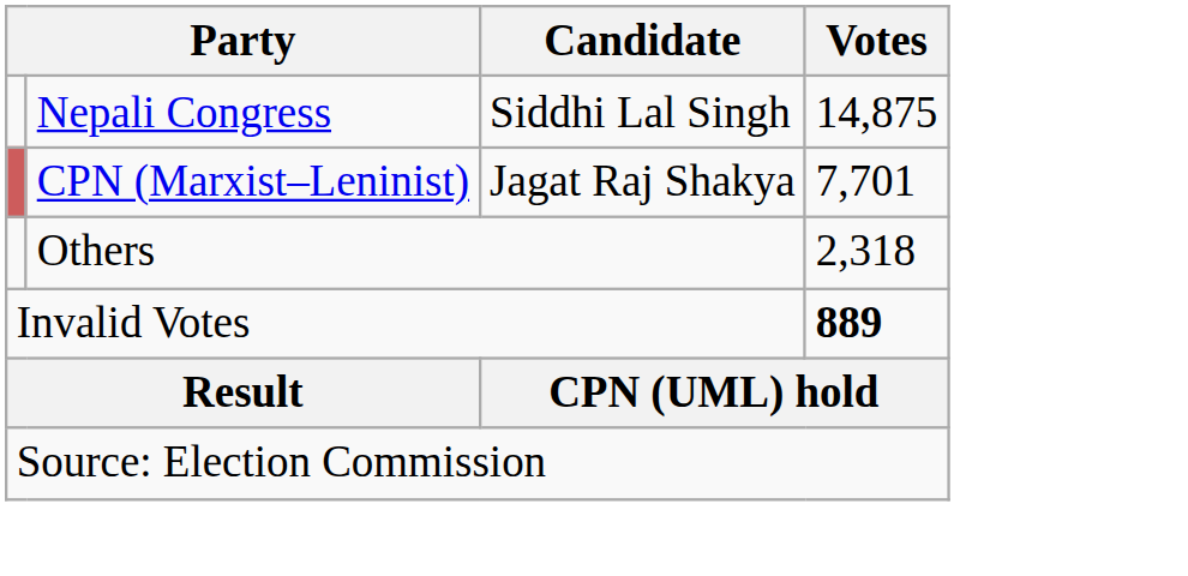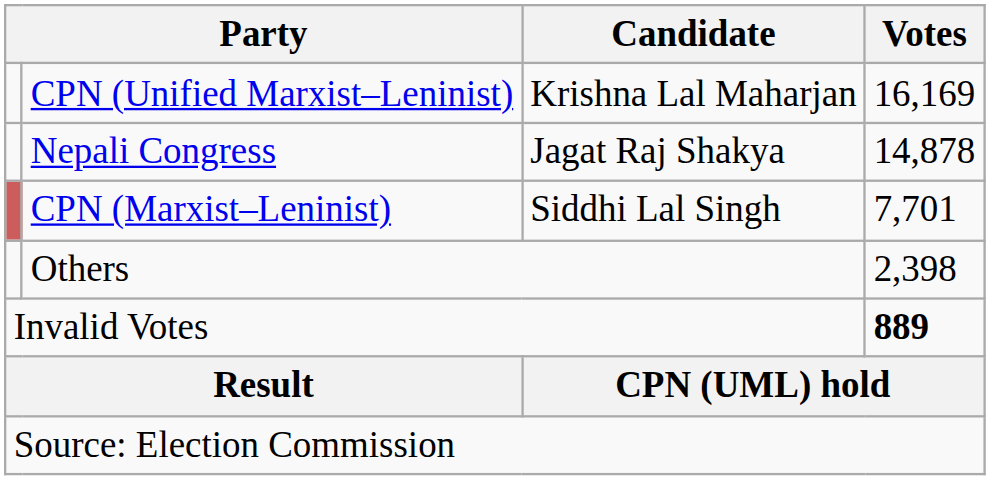 <table class="wikitable">
 <tr>
 <th colspan="2">Party</th>
 <th>Candidate</th>
 <th>Votes</th>
 </tr>
 <tr>
 <td style="background-color:"></td>
+<td><a href='#'>CPN (Unified Marxist–Leninist)</a></td>
+<td>Krishna Lal Maharjan</td>
+<td>16,169</td>
+</tr>
+<tr>
+<td style="background-color:"></td>
 <td><a href='#'>Nepali Congress</a></td>
-<td>Siddhi Lal Singh</td>
-<td>14,875</td>
+<td>Jagat Raj Shakya</td>
+<td>14,878</td>
 </tr>
 <tr>
 <td style="background-color:indianred"></td>
 <td><a href='#'>CPN (Marxist–Leninist)</a></td>
-<td>Jagat Raj Shakya</td>
+<td>Siddhi Lal Singh</td>
 <td>7,701</td>
 </tr>
 <tr>
 <td></td>
 <td colspan="2">Others</td>
-<td>2,318</td>
+<td>2,398</td>
 </tr>
 <tr>
 <td colspan="3">Invalid Votes</td>
 <td><strong>889</strong></td>
 </tr>
 <tr>
 <th colspan="2">Result</th>
 <th colspan="2">CPN (UML) hold</th>
 </tr>
 <tr>
 <td colspan="4">Source: Election Commission</td>
 </tr>
 </table>
